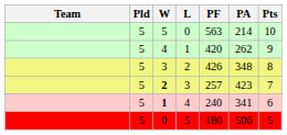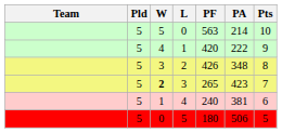 <table class="wikitable" style="text-align:center;">
 <tr>
 <th width=170>Team</th>
 <th width=25>Pld</th>
 <th width=25>W</th>
 <th width=25>L</th>
 <th width=35>PF</th>
 <th width=35>PA</th>
 <th width=25>Pts</th>
 </tr>
 <tr bgcolor=#ccffcc>
 <td align="left"></td>
 <td>5</td>
 <td>5</td>
 <td>0</td>
 <td>563</td>
 <td>214</td>
 <td>10</td>
 </tr>
 <tr bgcolor=#ccffcc>
 <td align="left"></td>
 <td>5</td>
 <td>4</td>
 <td>1</td>
 <td>420</td>
-<td>262</td>
+<td>222</td>
 <td>9</td>
 </tr>
 <tr bgcolor=#F3F781>
 <td align="left"></td>
 <td>5</td>
 <td>3</td>
 <td>2</td>
 <td>426</td>
 <td>348</td>
 <td>8</td>
 </tr>
 <tr bgcolor=#F3F781>
 <td align="left"></td>
 <td>5</td>
 <td><strong>2</strong></td>
 <td>3</td>
-<td>257</td>
+<td>265</td>
 <td>423</td>
 <td>7</td>
 </tr>
 <tr bgcolor=#ffcccc>
 <td align="left"></td>
 <td>5</td>
-<td><strong>1</strong></td>
+<td>1</td>
 <td>4</td>
 <td>240</td>
-<td>341</td>
+<td>381</td>
 <td>6</td>
 </tr>
 <tr bgcolor=#FF0000>
 <td align="left"></td>
 <td>5</td>
 <td>0</td>
 <td>5</td>
 <td>180</td>
 <td>506</td>
 <td>5</td>
 </tr>
 </table>
